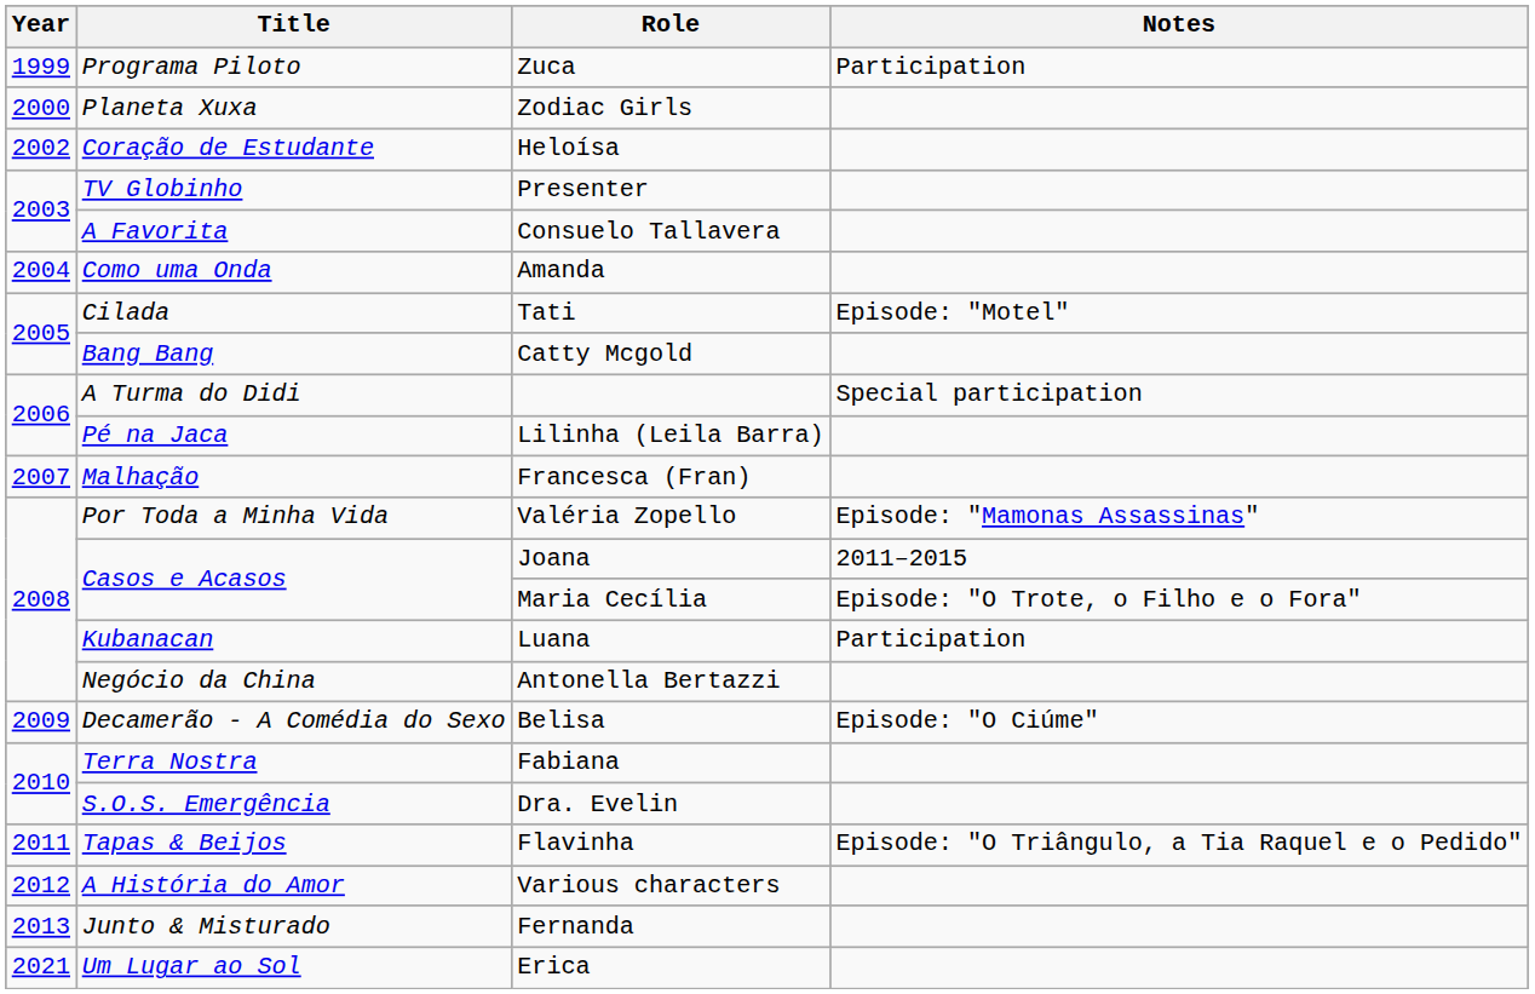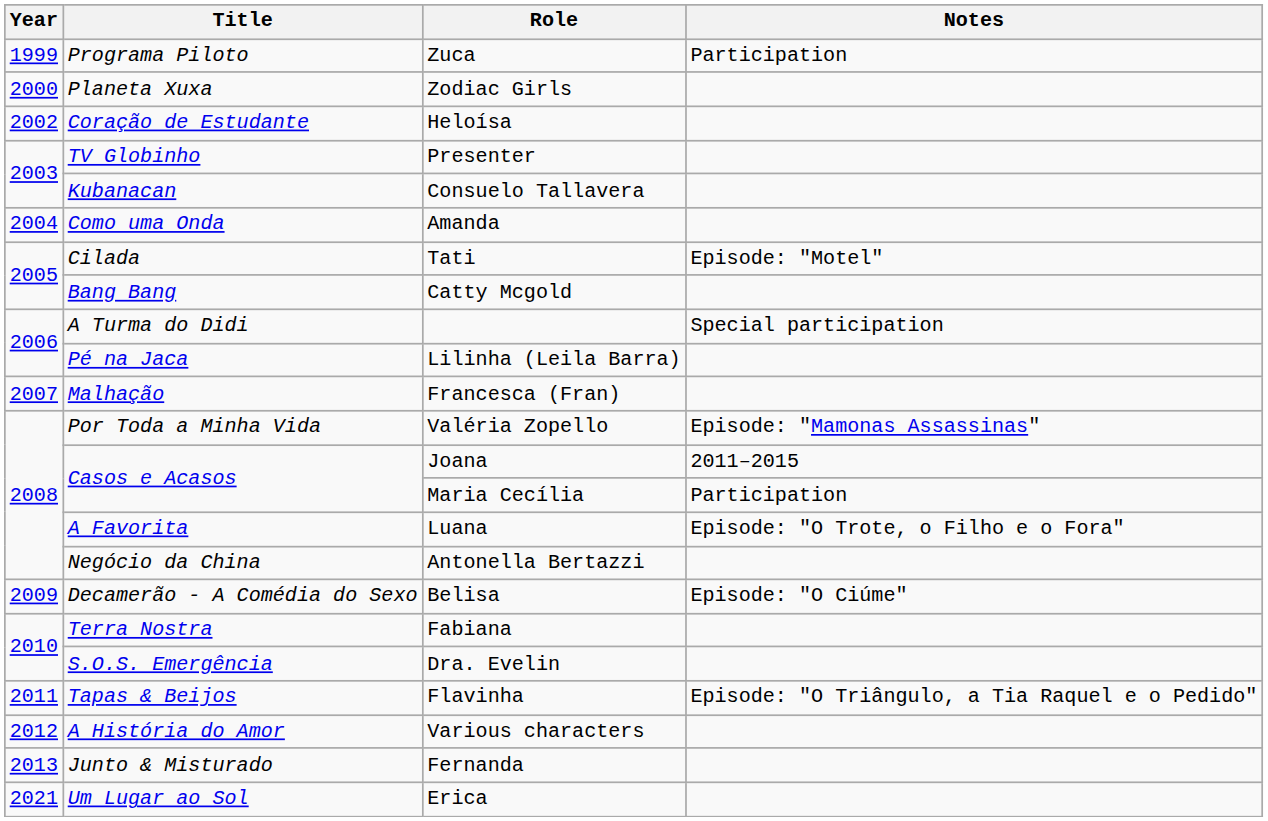 <table class="wikitable" style="font-size: 90%;">
 <tr>
 <th>Year</th>
 <th>Title</th>
 <th>Role</th>
 <th>Notes</th>
 </tr>
 <tr>
 <td><a href='#'>1999</a></td>
 <td><em>Programa Piloto</em></td>
 <td>Zuca</td>
 <td>Participation</td>
 </tr>
 <tr>
 <td><a href='#'>2000</a></td>
 <td><em>Planeta Xuxa</em></td>
 <td>Zodiac Girls</td>
 <td></td>
 </tr>
 <tr>
 <td><a href='#'>2002</a></td>
 <td><em><a href='#'>Coração de Estudante</a></em></td>
 <td>Heloísa</td>
 <td></td>
 </tr>
 <tr>
 <td rowspan="2"><a href='#'>2003</a></td>
 <td><em><a href='#'>TV Globinho</a></em></td>
 <td>Presenter</td>
 <td></td>
 </tr>
 <tr>
-<td><em><a href='#'>A Favorita</a></em></td>
+<td><em><a href='#'>Kubanacan</a></em></td>
 <td>Consuelo Tallavera</td>
 <td></td>
 </tr>
 <tr>
 <td><a href='#'>2004</a></td>
 <td><em><a href='#'>Como uma Onda</a></em></td>
 <td>Amanda</td>
 <td></td>
 </tr>
 <tr>
 <td rowspan="2"><a href='#'>2005</a></td>
 <td><em>Cilada</em></td>
 <td>Tati</td>
 <td>Episode: "Motel"</td>
 </tr>
 <tr>
 <td><em><a href='#'>Bang Bang</a></em></td>
 <td>Catty Mcgold</td>
 <td></td>
 </tr>
 <tr>
 <td rowspan="2"><a href='#'>2006</a></td>
 <td><em>A Turma do Didi</em></td>
 <td></td>
 <td>Special participation</td>
 </tr>
 <tr>
 <td><em><a href='#'>Pé na Jaca</a></em></td>
 <td>Lilinha (Leila Barra)</td>
 <td></td>
 </tr>
 <tr>
 <td><a href='#'>2007</a></td>
 <td><em><a href='#'>Malhação</a></em></td>
 <td>Francesca (Fran)</td>
 <td></td>
 </tr>
 <tr>
 <td rowspan="5"><a href='#'>2008</a></td>
 <td><em>Por Toda a Minha Vida</em></td>
 <td>Valéria Zopello</td>
 <td>Episode: "<a href='#'>Mamonas Assassinas</a>"</td>
 </tr>
 <tr>
 <td rowspan="2:"><em><a href='#'>Casos e Acasos</a></em></td>
 <td>Joana</td>
 <td>2011–2015</td>
 </tr>
 <tr>
 <td>Maria Cecília</td>
-<td>Episode: "O Trote, o Filho e o Fora"</td>
+<td>Participation</td>
 </tr>
 <tr>
-<td><em><a href='#'>Kubanacan</a></em></td>
+<td><em><a href='#'>A Favorita</a></em></td>
 <td>Luana</td>
-<td>Participation</td>
+<td>Episode: "O Trote, o Filho e o Fora"</td>
 </tr>
 <tr>
 <td><em>Negócio da China</em></td>
 <td>Antonella Bertazzi</td>
 <td></td>
 </tr>
 <tr>
 <td><a href='#'>2009</a></td>
 <td><em>Decamerão - A Comédia do Sexo</em></td>
 <td>Belisa</td>
 <td>Episode: "O Ciúme"</td>
 </tr>
 <tr>
 <td rowspan="2"><a href='#'>2010</a></td>
 <td><em><a href='#'>Terra Nostra</a></em></td>
 <td>Fabiana</td>
 <td></td>
 </tr>
 <tr>
 <td><em><a href='#'>S.O.S. Emergência</a></em></td>
 <td>Dra. Evelin</td>
 <td></td>
 </tr>
 <tr>
 <td><a href='#'>2011</a></td>
 <td><em><a href='#'>Tapas & Beijos</a></em></td>
 <td>Flavinha</td>
 <td>Episode: "O Triângulo, a Tia Raquel e o Pedido"</td>
 </tr>
 <tr>
 <td><a href='#'>2012</a></td>
 <td><em><a href='#'>A História do Amor</a></em></td>
 <td>Various characters</td>
 <td></td>
 </tr>
 <tr>
 <td><a href='#'>2013</a></td>
 <td><em>Junto & Misturado</em></td>
 <td>Fernanda</td>
 <td></td>
 </tr>
 <tr>
 <td><a href='#'>2021</a></td>
 <td><em><a href='#'>Um Lugar ao Sol</a></em></td>
 <td>Erica</td>
 <td></td>
 </tr>
 </table>
